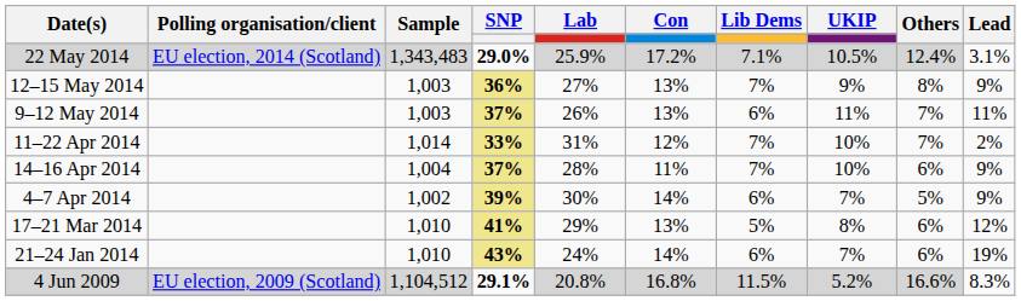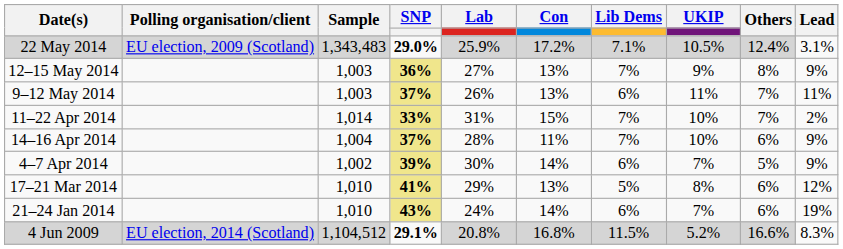 <table class="wikitable sortable" style="text-align:center; font-size:90%; line-height:14px">
 <tr>
 <th rowspan="2">Date(s)</th>
 <th rowspan="2">Polling organisation/client</th>
 <th rowspan="2">Sample</th>
 <th><a href='#'>SNP</a></th>
 <th><a href='#'>Lab</a></th>
 <th><a href='#'>Con</a></th>
 <th><a href='#'>Lib Dems</a></th>
 <th><a href='#'>UKIP</a></th>
 <th rowspan="2">Others</th>
 <th rowspan="2">Lead</th>
 </tr>
 <tr>
 <th class="unsortable" style="background:"></th>
 <th class="unsortable" style="background:#dc241f; width:60px;"></th>
 <th class="unsortable" style="background:#0087dc; width:60px;"></th>
 <th class="unsortable" style="background:#fdbb30; width:60px;"></th>
 <th class="unsortable" style="background:#70147a; width:60px;"></th>
 </tr>
 <tr>
 <td style="background:#D5D5D5">22 May 2014</td>
-<td style="background:#D5D5D5"><a href='#'>EU election, 2014 (Scotland)</a></td>
+<td style="background:#D5D5D5"><a href='#'>EU election, 2009 (Scotland)</a></td>
 <td style="background:#D5D5D5">1,343,483</td>
 <td style="background:"><strong>29.0%</strong></td>
 <td style="background:#D5D5D5">25.9%</td>
 <td style="background:#D5D5D5">17.2%</td>
 <td style="background:#D5D5D5">7.1%</td>
 <td style="background:#D5D5D5">10.5%</td>
 <td style="background:#D5D5D5">12.4%</td>
 <td style="background:">3.1%</td>
 </tr>
 <tr>
 <td>12–15 May 2014</td>
 <td></td>
 <td>1,003</td>
 <td style="background:khaki;"><strong>36%</strong></td>
 <td>27%</td>
 <td>13%</td>
 <td>7%</td>
 <td>9%</td>
 <td>8%</td>
 <td style="background:">9%</td>
 </tr>
 <tr>
 <td>9–12 May 2014</td>
 <td></td>
 <td>1,003</td>
 <td style="background:khaki;"><strong>37%</strong></td>
 <td>26%</td>
 <td>13%</td>
 <td>6%</td>
 <td>11%</td>
 <td>7%</td>
 <td style="background:">11%</td>
 </tr>
 <tr>
 <td>11–22 Apr 2014</td>
 <td></td>
 <td>1,014</td>
 <td style="background:khaki;"><strong>33%</strong></td>
 <td>31%</td>
-<td>12%</td>
+<td>15%</td>
 <td>7%</td>
 <td>10%</td>
 <td>7%</td>
 <td style="background:">2%</td>
 </tr>
 <tr>
 <td>14–16 Apr 2014</td>
 <td></td>
 <td>1,004</td>
 <td style="background:khaki;"><strong>37%</strong></td>
 <td>28%</td>
 <td>11%</td>
 <td>7%</td>
 <td>10%</td>
 <td>6%</td>
 <td style="background:">9%</td>
 </tr>
 <tr>
 <td>4–7 Apr 2014</td>
 <td></td>
 <td>1,002</td>
 <td style="background:khaki;"><strong>39% </strong></td>
 <td>30%</td>
 <td>14%</td>
 <td>6%</td>
 <td>7%</td>
 <td>5%</td>
 <td style="background:">9%</td>
 </tr>
 <tr>
 <td>17–21 Mar 2014</td>
 <td></td>
 <td>1,010</td>
 <td style="background:khaki;"><strong>41%</strong></td>
 <td>29%</td>
 <td>13%</td>
 <td>5%</td>
 <td>8%</td>
 <td>6%</td>
 <td style="background:">12%</td>
 </tr>
 <tr>
 <td>21–24 Jan 2014</td>
 <td></td>
 <td>1,010</td>
 <td style="background:khaki;"><strong>43%</strong></td>
 <td>24%</td>
 <td>14%</td>
 <td>6%</td>
 <td>7%</td>
 <td>6%</td>
 <td style="background:">19%</td>
 </tr>
 <tr>
 <td style="background:#D5D5D5">4 Jun 2009</td>
-<td style="background:#D5D5D5"><a href='#'>EU election, 2009 (Scotland)</a></td>
+<td style="background:#D5D5D5"><a href='#'>EU election, 2014 (Scotland)</a></td>
 <td style="background:#D5D5D5">1,104,512</td>
 <td style="background:"><strong>29.1%</strong></td>
 <td style="background:#D5D5D5">20.8%</td>
 <td style="background:#D5D5D5">16.8%</td>
 <td style="background:#D5D5D5">11.5%</td>
 <td style="background:#D5D5D5">5.2%</td>
 <td style="background:#D5D5D5">16.6%</td>
 <td style="background:">8.3%</td>
 </tr>
 </table>
